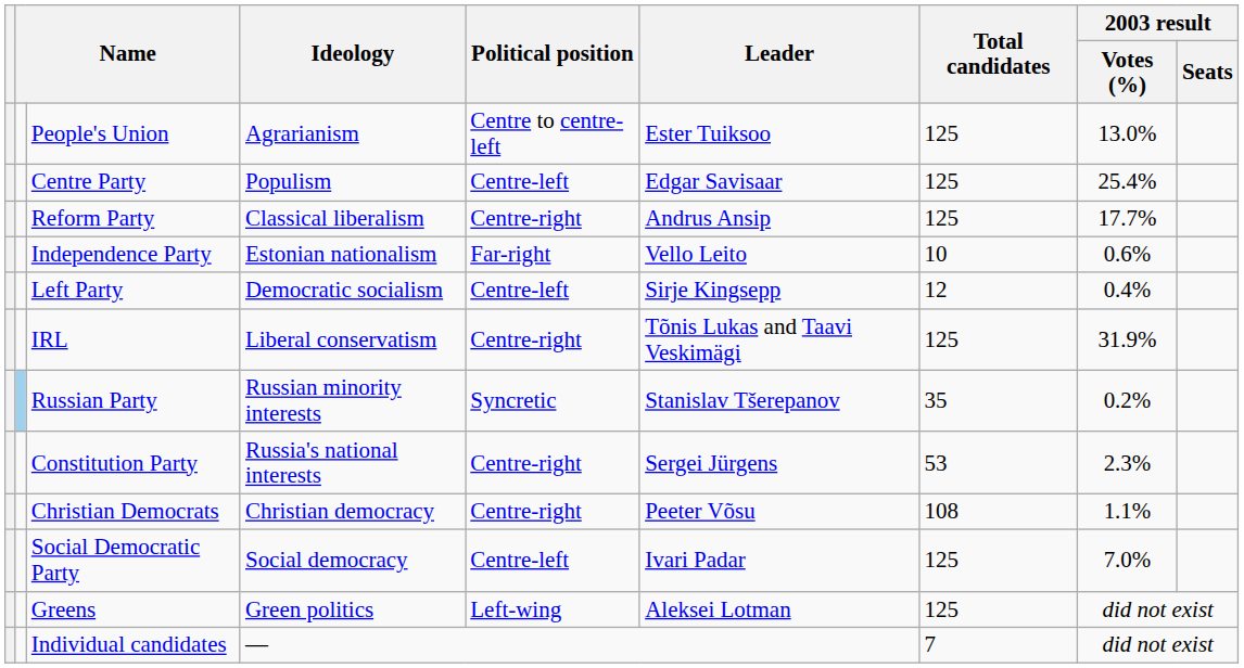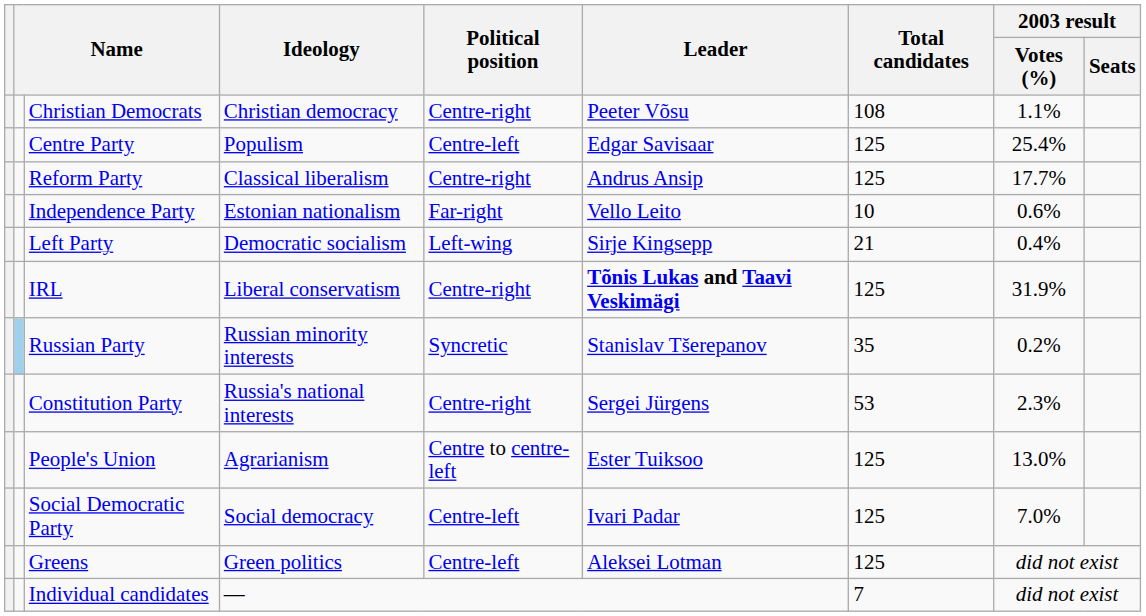 <table class="wikitable" style="text-align:left">
 <tr>
 <th rowspan="2"></th>
 <th colspan="2" rowspan="2">Name</th>
 <th rowspan="2">Ideology</th>
 <th rowspan="2">Political position</th>
 <th rowspan="2">Leader</th>
 <th rowspan="2">Total candidates</th>
 <th colspan="2">2003 result</th>
 </tr>
 <tr>
 <th>Votes (%)</th>
 <th>Seats</th>
 </tr>
 <tr>
 <th></th>
 <td style="background:"></td>
-<td><a href='#'>People's Union</a></td>
-<td><a href='#'>Agrarianism</a></td>
-<td><a href='#'>Centre</a> to <a href='#'>centre-left</a></td>
-<td><a href='#'>Ester Tuiksoo</a></td>
-<td>125</td>
-<td style="text-align:center">13.0%</td>
+<td><a href='#'>Christian Democrats</a></td>
+<td><a href='#'>Christian democracy</a></td>
+<td><a href='#'>Centre-right</a></td>
+<td><a href='#'>Peeter Võsu</a></td>
+<td>108</td>
+<td style="text-align:center">1.1%</td>
 <td></td>
 </tr>
 <tr>
 <th></th>
 <td style="background:"></td>
 <td><a href='#'>Centre Party</a></td>
 <td><a href='#'>Populism</a></td>
 <td><a href='#'>Centre-left</a></td>
 <td><a href='#'>Edgar Savisaar</a></td>
 <td>125</td>
 <td style="text-align:center">25.4%</td>
 <td></td>
 </tr>
 <tr>
 <th></th>
 <td style="background:"></td>
 <td><a href='#'>Reform Party</a></td>
 <td><a href='#'>Classical liberalism</a></td>
 <td><a href='#'>Centre-right</a></td>
 <td><a href='#'>Andrus Ansip</a></td>
 <td>125</td>
 <td style="text-align:center">17.7%</td>
 <td></td>
 </tr>
 <tr>
 <th></th>
 <td style="background:"></td>
 <td><a href='#'>Independence Party</a></td>
 <td><a href='#'>Estonian nationalism</a></td>
 <td><a href='#'>Far-right</a></td>
 <td><a href='#'>Vello Leito</a></td>
 <td>10</td>
 <td style="text-align:center">0.6%</td>
 <td></td>
 </tr>
 <tr>
 <th></th>
 <td style="background:"></td>
 <td><a href='#'>Left Party</a></td>
 <td><a href='#'>Democratic socialism</a></td>
-<td><a href='#'>Centre-left</a></td>
+<td><a href='#'>Left-wing</a></td>
 <td><a href='#'>Sirje Kingsepp</a></td>
-<td>12</td>
+<td>21</td>
 <td style="text-align:center">0.4%</td>
 <td></td>
 </tr>
 <tr>
 <th></th>
 <td style="background:"></td>
 <td><a href='#'>IRL</a></td>
 <td><a href='#'>Liberal conservatism</a></td>
 <td><a href='#'>Centre-right</a></td>
-<td><a href='#'>Tõnis Lukas</a> and <a href='#'>Taavi Veskimägi</a></td>
+<td><strong><a href='#'>Tõnis Lukas</a> and <a href='#'>Taavi Veskimägi</a></strong></td>
 <td>125</td>
 <td style="text-align:center">31.9%</td>
 <td></td>
 </tr>
 <tr>
 <th></th>
 <td style="background: #9ed1ee"></td>
 <td><a href='#'>Russian Party</a></td>
 <td><a href='#'>Russian minority interests</a></td>
 <td><a href='#'>Syncretic</a></td>
 <td><a href='#'>Stanislav Tšerepanov</a></td>
 <td>35</td>
 <td style="text-align:center">0.2%</td>
 <td></td>
 </tr>
 <tr>
 <th></th>
 <td style="background:"></td>
 <td><a href='#'>Constitution Party</a></td>
 <td><a href='#'>Russia's national interests</a></td>
 <td><a href='#'>Centre-right</a></td>
 <td><a href='#'>Sergei Jürgens</a></td>
 <td>53</td>
 <td style="text-align:center">2.3%</td>
 <td></td>
 </tr>
 <tr>
 <th></th>
 <td style="background:"></td>
-<td><a href='#'>Christian Democrats</a></td>
-<td><a href='#'>Christian democracy</a></td>
-<td><a href='#'>Centre-right</a></td>
-<td><a href='#'>Peeter Võsu</a></td>
-<td>108</td>
-<td style="text-align:center">1.1%</td>
+<td><a href='#'>People's Union</a></td>
+<td><a href='#'>Agrarianism</a></td>
+<td><a href='#'>Centre</a> to <a href='#'>centre-left</a></td>
+<td><a href='#'>Ester Tuiksoo</a></td>
+<td>125</td>
+<td style="text-align:center">13.0%</td>
 <td></td>
 </tr>
 <tr>
 <th></th>
 <td style="background:"></td>
 <td><a href='#'>Social Democratic Party</a></td>
 <td><a href='#'>Social democracy</a></td>
 <td><a href='#'>Centre-left</a></td>
 <td><a href='#'>Ivari Padar</a></td>
 <td>125</td>
 <td style="text-align:center">7.0%</td>
 <td></td>
 </tr>
 <tr>
 <th></th>
 <td style="background:"></td>
 <td><a href='#'>Greens</a></td>
 <td><a href='#'>Green politics</a></td>
-<td><a href='#'>Left-wing</a></td>
+<td><a href='#'>Centre-left</a></td>
 <td><a href='#'>Aleksei Lotman</a></td>
 <td>125</td>
 <td colspan="2" style="text-align:center"><em>did not exist</em></td>
 </tr>
 <tr>
 <th></th>
 <td style="background:"></td>
 <td><a href='#'>Individual candidates</a></td>
 <td colspan="3">—</td>
 <td>7</td>
 <td colspan="2" style="text-align:center"><em>did not exist</em></td>
 </tr>
 </table>
